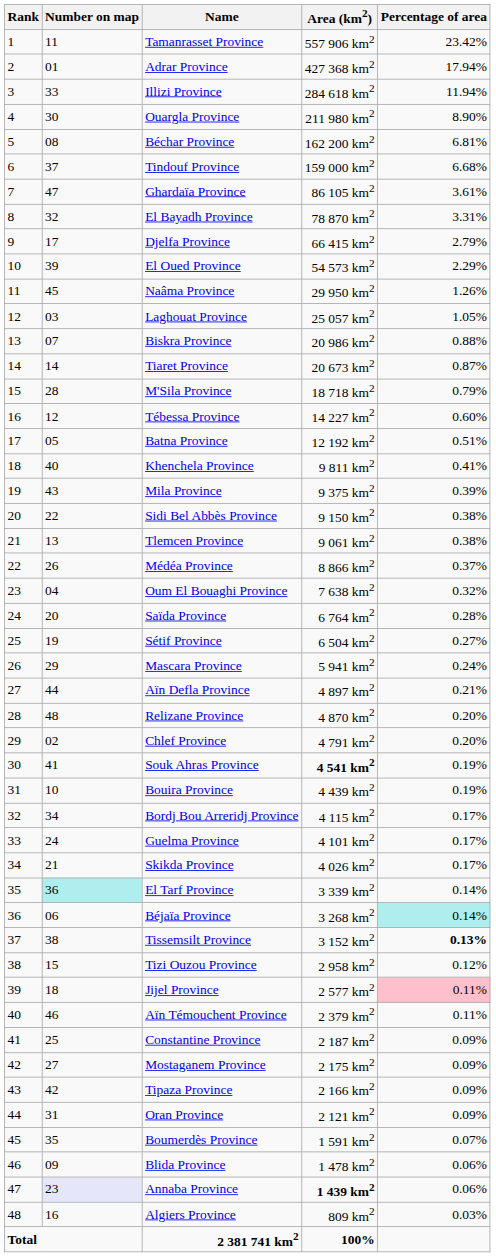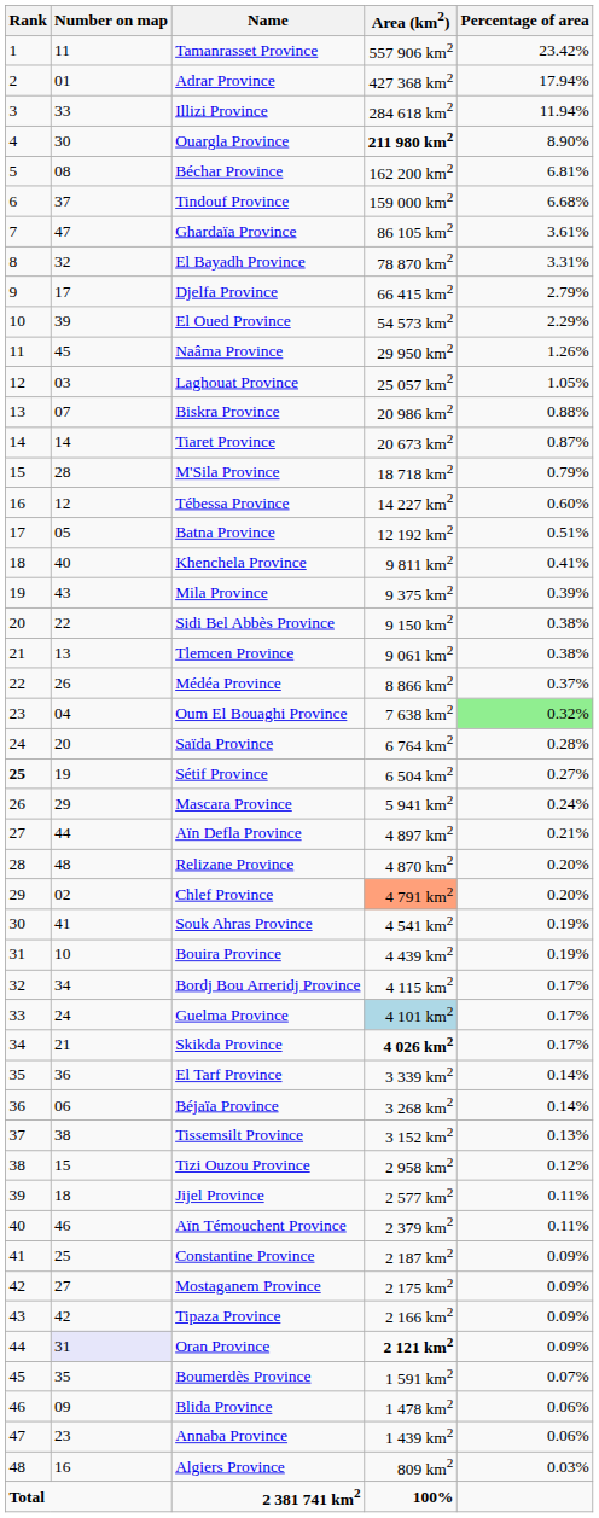 <table class="wikitable sortable">
 <tr>
 <th>Rank</th>
 <th>Number on map</th>
 <th>Name</th>
 <th>Area (km<sup>2</sup>)</th>
 <th>Percentage of area</th>
 </tr>
 <tr>
 <td>1</td>
 <td>11</td>
 <td><a href='#'>Tamanrasset Province</a></td>
 <td style="text-align:right">557 906 km<sup>2</sup></td>
 <td style="text-align:right">23.42%</td>
 </tr>
 <tr>
 <td>2</td>
 <td>01</td>
 <td><a href='#'>Adrar Province</a></td>
 <td style="text-align:right">427 368 km<sup>2</sup></td>
 <td style="text-align:right">17.94%</td>
 </tr>
 <tr>
 <td>3</td>
 <td>33</td>
 <td><a href='#'>Illizi Province</a></td>
 <td style="text-align:right">284 618 km<sup>2</sup></td>
 <td style="text-align:right">11.94%</td>
 </tr>
 <tr>
 <td>4</td>
 <td>30</td>
 <td><a href='#'>Ouargla Province</a></td>
-<td style="text-align:right">211 980 km<sup>2</sup></td>
+<td style="text-align:right"><strong>211 980 km<sup>2</sup></strong></td>
 <td style="text-align:right">8.90%</td>
 </tr>
 <tr>
 <td>5</td>
 <td>08</td>
 <td><a href='#'>Béchar Province</a></td>
 <td style="text-align:right">162 200 km<sup>2</sup></td>
 <td style="text-align:right">6.81%</td>
 </tr>
 <tr>
 <td>6</td>
 <td>37</td>
 <td><a href='#'>Tindouf Province</a></td>
 <td style="text-align:right">159 000 km<sup>2</sup></td>
 <td style="text-align:right">6.68%</td>
 </tr>
 <tr>
 <td>7</td>
 <td>47</td>
 <td><a href='#'>Ghardaïa Province</a></td>
 <td style="text-align:right">86 105 km<sup>2</sup></td>
 <td style="text-align:right">3.61%</td>
 </tr>
 <tr>
 <td>8</td>
 <td>32</td>
 <td><a href='#'>El Bayadh Province</a></td>
 <td style="text-align:right">78 870 km<sup>2</sup></td>
 <td style="text-align:right">3.31%</td>
 </tr>
 <tr>
 <td>9</td>
 <td>17</td>
 <td><a href='#'>Djelfa Province</a></td>
 <td style="text-align:right">66 415 km<sup>2</sup></td>
 <td style="text-align:right">2.79%</td>
 </tr>
 <tr>
 <td>10</td>
 <td>39</td>
 <td><a href='#'>El Oued Province</a></td>
 <td style="text-align:right">54 573 km<sup>2</sup></td>
 <td style="text-align:right">2.29%</td>
 </tr>
 <tr>
 <td>11</td>
 <td>45</td>
 <td><a href='#'>Naâma Province</a></td>
 <td style="text-align:right">29 950 km<sup>2</sup></td>
 <td style="text-align:right">1.26%</td>
 </tr>
 <tr>
 <td>12</td>
 <td>03</td>
 <td><a href='#'>Laghouat Province</a></td>
 <td style="text-align:right">25 057 km<sup>2</sup></td>
 <td style="text-align:right">1.05%</td>
 </tr>
 <tr>
 <td>13</td>
 <td>07</td>
 <td><a href='#'>Biskra Province</a></td>
 <td style="text-align:right">20 986 km<sup>2</sup></td>
 <td style="text-align:right">0.88%</td>
 </tr>
 <tr>
 <td>14</td>
 <td>14</td>
 <td><a href='#'>Tiaret Province</a></td>
 <td style="text-align:right">20 673 km<sup>2</sup></td>
 <td style="text-align:right">0.87%</td>
 </tr>
 <tr>
 <td>15</td>
 <td>28</td>
 <td><a href='#'>M'Sila Province</a></td>
 <td style="text-align:right">18 718 km<sup>2</sup></td>
 <td style="text-align:right">0.79%</td>
 </tr>
 <tr>
 <td>16</td>
 <td>12</td>
 <td><a href='#'>Tébessa Province</a></td>
 <td style="text-align:right">14 227 km<sup>2</sup></td>
 <td style="text-align:right">0.60%</td>
 </tr>
 <tr>
 <td>17</td>
 <td>05</td>
 <td><a href='#'>Batna Province</a></td>
 <td style="text-align:right">12 192 km<sup>2</sup></td>
 <td style="text-align:right">0.51%</td>
 </tr>
 <tr>
 <td>18</td>
 <td>40</td>
 <td><a href='#'>Khenchela Province</a></td>
 <td style="text-align:right">9 811 km<sup>2</sup></td>
 <td style="text-align:right">0.41%</td>
 </tr>
 <tr>
 <td>19</td>
 <td>43</td>
 <td><a href='#'>Mila Province</a></td>
 <td style="text-align:right">9 375 km<sup>2</sup></td>
 <td style="text-align:right">0.39%</td>
 </tr>
 <tr>
 <td>20</td>
 <td>22</td>
 <td><a href='#'>Sidi Bel Abbès Province</a></td>
 <td style="text-align:right">9 150 km<sup>2</sup></td>
 <td style="text-align:right">0.38%</td>
 </tr>
 <tr>
 <td>21</td>
 <td>13</td>
 <td><a href='#'>Tlemcen Province</a></td>
 <td style="text-align:right">9 061 km<sup>2</sup></td>
 <td style="text-align:right">0.38%</td>
 </tr>
 <tr>
 <td>22</td>
 <td>26</td>
 <td><a href='#'>Médéa Province</a></td>
 <td style="text-align:right">8 866 km<sup>2</sup></td>
 <td style="text-align:right">0.37%</td>
 </tr>
 <tr>
 <td>23</td>
 <td>04</td>
 <td><a href='#'>Oum El Bouaghi Province</a></td>
 <td style="text-align:right">7 638 km<sup>2</sup></td>
-<td style="text-align:right">0.32%</td>
+<td style="background: lightgreen; text-align:right">0.32%</td>
 </tr>
 <tr>
 <td>24</td>
 <td>20</td>
 <td><a href='#'>Saïda Province</a></td>
 <td style="text-align:right">6 764 km<sup>2</sup></td>
 <td style="text-align:right">0.28%</td>
 </tr>
 <tr>
-<td>25</td>
+<td><strong>25</strong></td>
 <td>19</td>
 <td><a href='#'>Sétif Province</a></td>
 <td style="text-align:right">6 504 km<sup>2</sup></td>
 <td style="text-align:right">0.27%</td>
 </tr>
 <tr>
 <td>26</td>
 <td>29</td>
 <td><a href='#'>Mascara Province</a></td>
 <td style="text-align:right">5 941 km<sup>2</sup></td>
 <td style="text-align:right">0.24%</td>
 </tr>
 <tr>
 <td>27</td>
 <td>44</td>
 <td><a href='#'>Aïn Defla Province</a></td>
 <td style="text-align:right">4 897 km<sup>2</sup></td>
 <td style="text-align:right">0.21%</td>
 </tr>
 <tr>
 <td>28</td>
 <td>48</td>
 <td><a href='#'>Relizane Province</a></td>
 <td style="text-align:right">4 870 km<sup>2</sup></td>
 <td style="text-align:right">0.20%</td>
 </tr>
 <tr>
 <td>29</td>
 <td>02</td>
 <td><a href='#'>Chlef Province</a></td>
-<td style="text-align:right">4 791 km<sup>2</sup></td>
+<td style="background: lightsalmon; text-align:right">4 791 km<sup>2</sup></td>
 <td style="text-align:right">0.20%</td>
 </tr>
 <tr>
 <td>30</td>
 <td>41</td>
 <td><a href='#'>Souk Ahras Province</a></td>
-<td style="text-align:right"><strong>4 541 km<sup>2</sup></strong></td>
+<td style="text-align:right">4 541 km<sup>2</sup></td>
 <td style="text-align:right">0.19%</td>
 </tr>
 <tr>
 <td>31</td>
 <td>10</td>
 <td><a href='#'>Bouira Province</a></td>
 <td style="text-align:right">4 439 km<sup>2</sup></td>
 <td style="text-align:right">0.19%</td>
 </tr>
 <tr>
 <td>32</td>
 <td>34</td>
 <td><a href='#'>Bordj Bou Arreridj Province</a></td>
 <td style="text-align:right">4 115 km<sup>2</sup></td>
 <td style="text-align:right">0.17%</td>
 </tr>
 <tr>
 <td>33</td>
 <td>24</td>
 <td><a href='#'>Guelma Province</a></td>
-<td style="text-align:right">4 101 km<sup>2</sup></td>
+<td style="background: lightblue; text-align:right">4 101 km<sup>2</sup></td>
 <td style="text-align:right">0.17%</td>
 </tr>
 <tr>
 <td>34</td>
 <td>21</td>
 <td><a href='#'>Skikda Province</a></td>
-<td style="text-align:right">4 026 km<sup>2</sup></td>
+<td style="text-align:right"><strong>4 026 km<sup>2</sup></strong></td>
 <td style="text-align:right">0.17%</td>
 </tr>
 <tr>
 <td>35</td>
-<td style="background: paleturquoise;">36</td>
+<td>36</td>
 <td><a href='#'>El Tarf Province</a></td>
 <td style="text-align:right">3 339 km<sup>2</sup></td>
 <td style="text-align:right">0.14%</td>
 </tr>
 <tr>
 <td>36</td>
 <td>06</td>
 <td><a href='#'>Béjaïa Province</a></td>
 <td style="text-align:right">3 268 km<sup>2</sup></td>
-<td style="background: paleturquoise; text-align:right">0.14%</td>
+<td style="text-align:right">0.14%</td>
 </tr>
 <tr>
 <td>37</td>
 <td>38</td>
 <td><a href='#'>Tissemsilt Province</a></td>
 <td style="text-align:right">3 152 km<sup>2</sup></td>
-<td style="text-align:right"><strong>0.13%</strong></td>
+<td style="text-align:right">0.13%</td>
 </tr>
 <tr>
 <td>38</td>
 <td>15</td>
 <td><a href='#'>Tizi Ouzou Province</a></td>
 <td style="text-align:right">2 958 km<sup>2</sup></td>
 <td style="text-align:right">0.12%</td>
 </tr>
 <tr>
 <td>39</td>
 <td>18</td>
 <td><a href='#'>Jijel Province</a></td>
 <td style="text-align:right">2 577 km<sup>2</sup></td>
-<td style="background: pink; text-align:right">0.11%</td>
+<td style="text-align:right">0.11%</td>
 </tr>
 <tr>
 <td>40</td>
 <td>46</td>
 <td><a href='#'>Aïn Témouchent Province</a></td>
 <td style="text-align:right">2 379 km<sup>2</sup></td>
 <td style="text-align:right">0.11%</td>
 </tr>
 <tr>
 <td>41</td>
 <td>25</td>
 <td><a href='#'>Constantine Province</a></td>
 <td style="text-align:right">2 187 km<sup>2</sup></td>
 <td style="text-align:right">0.09%</td>
 </tr>
 <tr>
 <td>42</td>
 <td>27</td>
 <td><a href='#'>Mostaganem Province</a></td>
 <td style="text-align:right">2 175 km<sup>2</sup></td>
 <td style="text-align:right">0.09%</td>
 </tr>
 <tr>
 <td>43</td>
 <td>42</td>
 <td><a href='#'>Tipaza Province</a></td>
 <td style="text-align:right">2 166 km<sup>2</sup></td>
 <td style="text-align:right">0.09%</td>
 </tr>
 <tr>
 <td>44</td>
-<td>31</td>
+<td style="background: lavender;">31</td>
 <td><a href='#'>Oran Province</a></td>
-<td style="text-align:right">2 121 km<sup>2</sup></td>
+<td style="text-align:right"><strong>2 121 km<sup>2</sup></strong></td>
 <td style="text-align:right">0.09%</td>
 </tr>
 <tr>
 <td>45</td>
 <td>35</td>
 <td><a href='#'>Boumerdès Province</a></td>
 <td style="text-align:right">1 591 km<sup>2</sup></td>
 <td style="text-align:right">0.07%</td>
 </tr>
 <tr>
 <td>46</td>
 <td>09</td>
 <td><a href='#'>Blida Province</a></td>
 <td style="text-align:right">1 478 km<sup>2</sup></td>
 <td style="text-align:right">0.06%</td>
 </tr>
 <tr>
 <td>47</td>
-<td style="background: lavender;">23</td>
+<td>23</td>
 <td><a href='#'>Annaba Province</a></td>
-<td style="text-align:right"><strong>1 439 km<sup>2</sup></strong></td>
+<td style="text-align:right">1 439 km<sup>2</sup></td>
 <td style="text-align:right">0.06%</td>
 </tr>
 <tr>
 <td>48</td>
 <td>16</td>
 <td><a href='#'>Algiers Province</a></td>
 <td style="text-align:right">809 km<sup>2</sup></td>
 <td style="text-align:right">0.03%</td>
 </tr>
 <tr>
 <td colspan="2"><strong>Total</strong></td>
 <td style="text-align:right"><strong>2 381 741 km<sup>2</sup></strong></td>
 <td style="text-align:right"><strong>100%</strong></td>
 </tr>
 </table>
